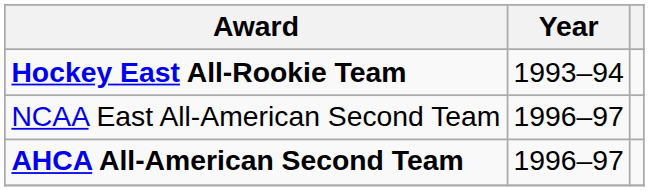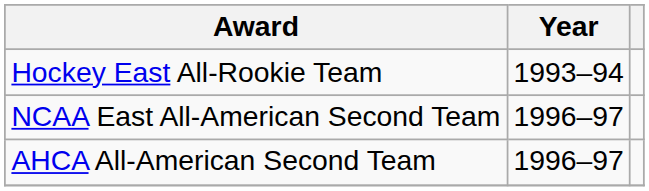 <table class="wikitable">
 <tr>
 <th>Award</th>
 <th>Year</th>
 <th></th>
 </tr>
 <tr>
-<td><strong><a href='#'>Hockey East</a> All-Rookie Team</strong></td>
+<td><a href='#'>Hockey East</a> All-Rookie Team</td>
 <td>1993–94</td>
 <td></td>
 </tr>
 <tr>
 <td><a href='#'>NCAA</a> East All-American Second Team</td>
 <td>1996–97</td>
 <td></td>
 </tr>
 <tr>
-<td><strong><a href='#'>AHCA</a> All-American Second Team</strong></td>
+<td><a href='#'>AHCA</a> All-American Second Team</td>
 <td>1996–97</td>
 <td></td>
 </tr>
 <tr>
 </tr>
 </table>
